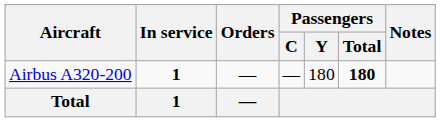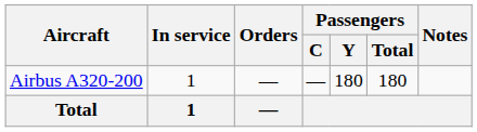 <table class="wikitable" style="border-collapse:collapse;text-align:center;margin:auto;">
 <tr>
 <th rowspan="2">Aircraft</th>
 <th rowspan="2">In service</th>
 <th rowspan="2">Orders</th>
 <th colspan="3">Passengers</th>
 <th rowspan="2">Notes</th>
 </tr>
 <tr>
 <th><abbr>C</abbr></th>
 <th><abbr>Y</abbr></th>
 <th>Total</th>
 </tr>
 <tr>
 <td><a href='#'>Airbus A320-200</a></td>
-<td><strong>1</strong></td>
+<td>1</td>
 <td>—</td>
 <td>—</td>
 <td>180</td>
-<td><strong>180</strong></td>
+<td>180</td>
 <td></td>
 </tr>
 <tr>
 <th>Total</th>
 <th>1</th>
 <th>—</th>
 <th colspan="4"></th>
 </tr>
 </table>
